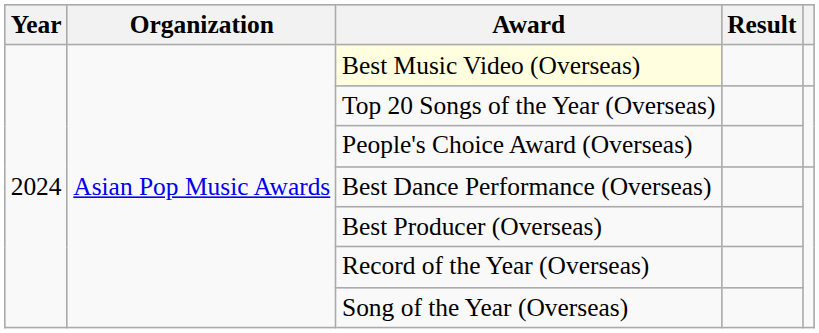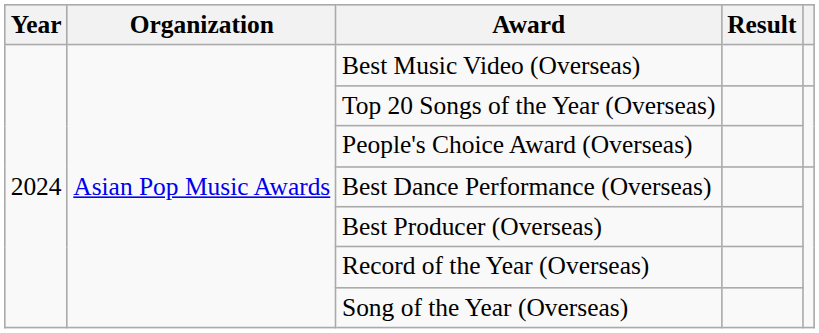 <table class="wikitable plainrowheaders">
 <tr align=center>
 <th scope="col">Year</th>
 <th scope="col">Organization</th>
 <th scope="col">Award</th>
 <th scope="col">Result</th>
 <th scope="col"></th>
 </tr>
 <tr>
 <td style="text-align:center" rowspan="7">2024</td>
 <td rowspan="7"><a href='#'>Asian Pop Music Awards</a></td>
-<td style="background: lightyellow;">Best Music Video (Overseas)</td>
+<td>Best Music Video (Overseas)</td>
 <td></td>
 <td style="text-align:center"></td>
 </tr>
 <tr>
 <td>Top 20 Songs of the Year (Overseas)</td>
 <td></td>
 <td rowspan="2" style="text-align:center"></td>
 </tr>
 <tr>
 <td>People's Choice Award (Overseas)</td>
 <td></td>
 </tr>
 <tr>
 <td>Best Dance Performance (Overseas)</td>
 <td></td>
 <td rowspan="4" style="text-align:center"></td>
 </tr>
 <tr>
 <td>Best Producer (Overseas)</td>
 <td></td>
 </tr>
 <tr>
 <td>Record of the Year (Overseas)</td>
 <td></td>
 </tr>
 <tr>
 <td>Song of the Year (Overseas)</td>
 <td></td>
 </tr>
 </table>
